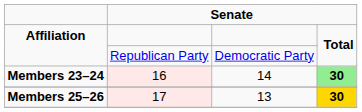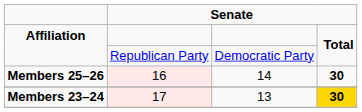 <table class="wikitable">
 <tr>
 <td style="text-align:center;vertical-align:top;"></td>
 <td colspan="4" align="center" valign="top"><strong>Senate</strong></td>
 </tr>
 <tr>
 <td rowspan="2" style="text-align:center;vertical-align:top;"><strong>Affiliation</strong></td>
 <td style="background-color:"> </td>
 <td style="background-color:"> </td>
 <td rowspan="2"> <strong>Total</strong></td>
 </tr>
 <tr>
 <td><a href='#'>Republican Party</a></td>
 <td><a href='#'>Democratic Party</a></td>
 </tr>
 <tr>
-<td><strong>Members 23–24</strong></td>
+<td><strong>Members 25–26</strong></td>
 <td style="background:#FFE8E8" align=center>16</td>
 <td style="text-align:center;">14</td>
-<td style="background: lightgreen; text-align:center;"><strong>30</strong></td>
+<td style="text-align:center;"><strong>30</strong></td>
 </tr>
 <tr>
 </tr>
 <tr>
-<td><strong>Members 25–26</strong></td>
+<td><strong>Members 23–24</strong></td>
 <td style="background:#FFE8E8" align=center>17</td>
 <td style="text-align:center;">13</td>
 <td style="background: gold; text-align:center;"><strong>30</strong></td>
 </tr>
 <tr>
 </tr>
 </table>
